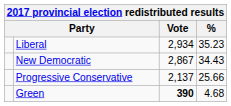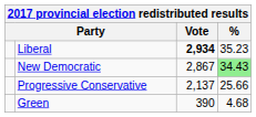 <table class="wikitable">
 <tr>
 <th colspan="4"><a href='#'>2017 provincial election</a> redistributed results</th>
 </tr>
 <tr>
 <th bgcolor="#DDDDFF" width="130px" colspan="2">Party</th>
 <th bgcolor="#DDDDFF" width="50px">Vote</th>
 <th bgcolor="#DDDDFF" width="30px">%</th>
 </tr>
 <tr>
 <td> </td>
 <td><a href='#'>Liberal</a></td>
-<td align=right>2,934</td>
+<td align=right><strong>2,934</strong></td>
 <td align=right>35.23</td>
 </tr>
 <tr>
 <td> </td>
 <td><a href='#'>New Democratic</a></td>
 <td align=right>2,867</td>
-<td align=right>34.43</td>
+<td align=right style="background: lightgreen;">34.43</td>
 </tr>
 <tr>
 <td> </td>
 <td><a href='#'>Progressive Conservative</a></td>
 <td align=right>2,137</td>
 <td align=right>25.66</td>
 </tr>
 <tr>
 <td> </td>
 <td><a href='#'>Green</a></td>
-<td align=right><strong>390</strong></td>
+<td align=right>390</td>
 <td align=right>4.68</td>
 </tr>
 </table>
